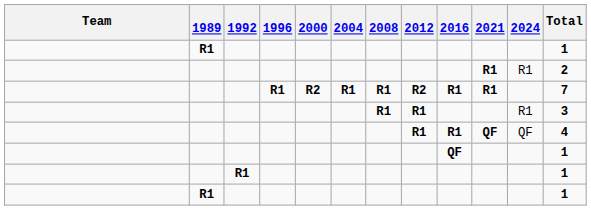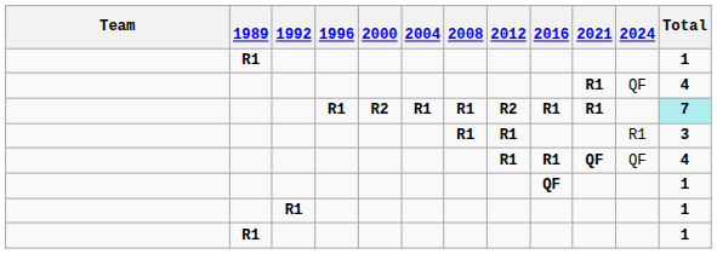 <table class="wikitable" style="text-align:center; font-size:90%">
 <tr>
 <th width=170>Team</th>
 <th><br><a href='#'>1989</a></th>
 <th><br><a href='#'>1992</a></th>
 <th><br><a href='#'>1996</a></th>
 <th><br><a href='#'>2000</a></th>
 <th><br><a href='#'>2004</a></th>
 <th><br><a href='#'>2008</a></th>
 <th><br><a href='#'>2012</a></th>
 <th><br><a href='#'>2016</a></th>
 <th><br><a href='#'>2021</a></th>
 <th><br><a href='#'>2024</a></th>
 <th>Total</th>
 </tr>
 <tr>
 <td align=left></td>
 <td><strong>R1</strong></td>
 <td></td>
 <td></td>
 <td></td>
 <td></td>
 <td></td>
 <td></td>
 <td></td>
 <td></td>
 <td></td>
 <td><strong>1</strong></td>
 </tr>
 <tr>
 <td align=left></td>
 <td></td>
 <td></td>
 <td></td>
 <td></td>
 <td></td>
 <td></td>
 <td></td>
 <td></td>
 <td><strong>R1</strong></td>
-<td>R1</td>
-<td><strong>2</strong></td>
+<td>QF</td>
+<td><strong>4</strong></td>
 </tr>
 <tr>
 <td align=left></td>
 <td></td>
 <td></td>
 <td><strong>R1</strong></td>
 <td><strong>R2</strong></td>
 <td><strong>R1</strong></td>
 <td><strong>R1</strong></td>
 <td><strong>R2</strong></td>
 <td><strong>R1</strong></td>
 <td><strong>R1</strong></td>
 <td></td>
-<td><strong>7</strong></td>
+<td style="background: paleturquoise;"><strong>7</strong></td>
 </tr>
 <tr>
 <td align=left></td>
 <td></td>
 <td></td>
 <td></td>
 <td></td>
 <td></td>
 <td><strong>R1</strong></td>
 <td><strong>R1</strong></td>
 <td></td>
 <td></td>
 <td>R1</td>
 <td><strong>3</strong></td>
 </tr>
 <tr>
 <td align=left></td>
 <td></td>
 <td></td>
 <td></td>
 <td></td>
 <td></td>
 <td></td>
 <td><strong>R1</strong></td>
 <td><strong>R1</strong></td>
 <td><strong>QF</strong></td>
 <td>QF</td>
 <td><strong>4</strong></td>
 </tr>
 <tr>
 <td align=left></td>
 <td></td>
 <td></td>
 <td></td>
 <td></td>
 <td></td>
 <td></td>
 <td></td>
 <td><strong>QF</strong></td>
 <td></td>
 <td></td>
 <td><strong>1</strong></td>
 </tr>
 <tr>
 <td align=left></td>
 <td></td>
 <td><strong>R1</strong></td>
 <td></td>
 <td></td>
 <td></td>
 <td></td>
 <td></td>
 <td></td>
 <td></td>
 <td></td>
 <td><strong>1</strong></td>
 </tr>
 <tr>
 <td align=left></td>
 <td><strong>R1</strong></td>
 <td></td>
 <td></td>
 <td></td>
 <td></td>
 <td></td>
 <td></td>
 <td></td>
 <td></td>
 <td></td>
 <td><strong>1</strong></td>
 </tr>
 </table>
